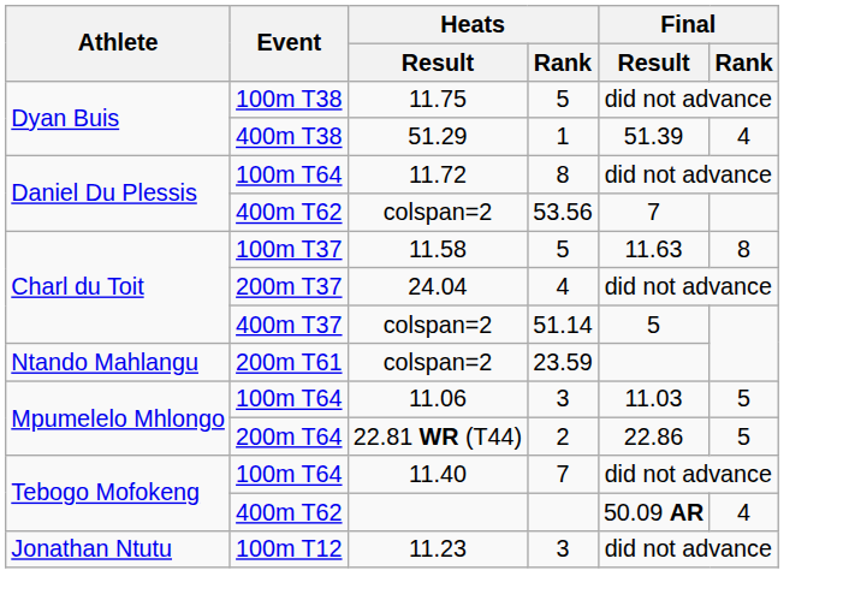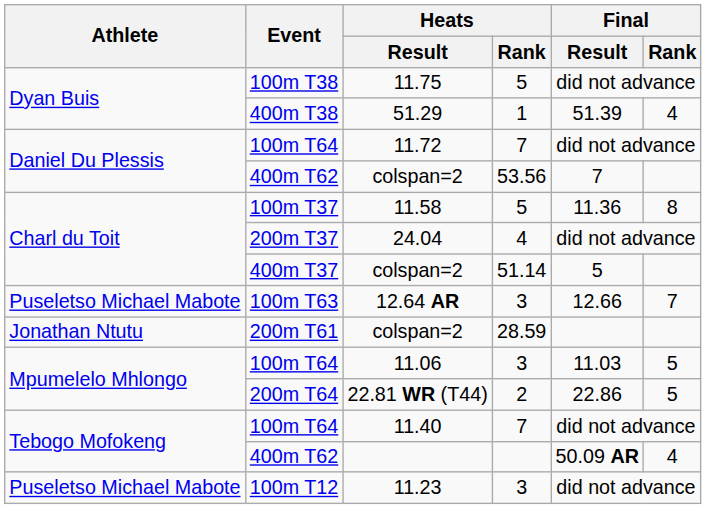 <table class=wikitable style="font-size:90%">
 <tr>
 <th rowspan="2">Athlete</th>
 <th rowspan="2">Event</th>
 <th colspan="2">Heats</th>
 <th colspan="2">Final</th>
 </tr>
 <tr>
 <th>Result</th>
 <th>Rank</th>
 <th>Result</th>
 <th>Rank</th>
 </tr>
 <tr align=center>
 <td align=left rowspan=2><a href='#'>Dyan Buis</a></td>
 <td align=left><a href='#'>100m T38</a></td>
 <td>11.75</td>
 <td>5</td>
 <td colspan=2>did not advance</td>
 </tr>
 <tr align=center>
 <td align=left><a href='#'>400m T38</a></td>
 <td>51.29</td>
 <td>1</td>
 <td>51.39</td>
 <td>4</td>
 </tr>
 <tr align=center>
 <td align=left rowspan="2"><a href='#'>Daniel Du Plessis</a></td>
 <td align=left><a href='#'>100m T64</a></td>
 <td>11.72</td>
-<td>8</td>
+<td>7</td>
 <td colspan=2>did not advance</td>
 </tr>
 <tr align=center>
 <td align=left><a href='#'>400m T62</a></td>
 <td>colspan=2 </td>
 <td>53.56</td>
 <td>7</td>
 </tr>
 <tr align=center>
 <td align=left rowspan=3><a href='#'>Charl du Toit</a></td>
 <td align=left><a href='#'>100m T37</a></td>
 <td>11.58</td>
 <td>5</td>
-<td>11.63</td>
+<td>11.36</td>
 <td>8</td>
 </tr>
 <tr align=center>
 <td align=left><a href='#'>200m T37</a></td>
 <td>24.04</td>
 <td>4</td>
 <td colspan=2>did not advance</td>
 </tr>
 <tr align=center>
 <td align=left><a href='#'>400m T37</a></td>
 <td>colspan=2 </td>
 <td>51.14</td>
 <td>5</td>
 </tr>
 <tr align=center>
-<td align=left><a href='#'>Ntando Mahlangu</a></td>
+<td align=left><a href='#'>Puseletso Michael Mabote</a></td>
+<td align=left><a href='#'>100m T63</a></td>
+<td>12.64 <strong>AR</strong></td>
+<td>3</td>
+<td>12.66</td>
+<td>7</td>
+</tr>
+<tr align=center>
+<td align=left><a href='#'>Jonathan Ntutu</a></td>
 <td align=left><a href='#'>200m T61</a></td>
 <td>colspan=2 </td>
-<td>23.59</td>
+<td>28.59</td>
 <td></td>
 </tr>
 <tr align=center>
 <td align=left rowspan=2><a href='#'>Mpumelelo Mhlongo</a></td>
 <td align=left><a href='#'>100m T64</a></td>
 <td>11.06</td>
 <td>3</td>
 <td>11.03</td>
 <td>5</td>
 </tr>
 <tr align=center>
 <td align=left><a href='#'>200m T64</a></td>
 <td>22.81 <strong>WR</strong> (T44)</td>
 <td>2</td>
 <td>22.86</td>
 <td>5</td>
 </tr>
 <tr align=center>
 <td align=left rowspan=2><a href='#'>Tebogo Mofokeng</a></td>
 <td align=left><a href='#'>100m T64</a></td>
 <td>11.40</td>
 <td>7</td>
 <td colspan=2>did not advance</td>
 </tr>
 <tr align=center>
 <td align=left><a href='#'>400m T62</a></td>
 <td></td>
 <td></td>
 <td>50.09 <strong>AR</strong></td>
 <td>4</td>
 </tr>
 <tr align=center>
-<td align=left><a href='#'>Jonathan Ntutu</a></td>
+<td align=left><a href='#'>Puseletso Michael Mabote</a></td>
 <td align=left><a href='#'>100m T12</a></td>
 <td>11.23</td>
 <td>3</td>
 <td colspan=2>did not advance</td>
 </tr>
 </table>
